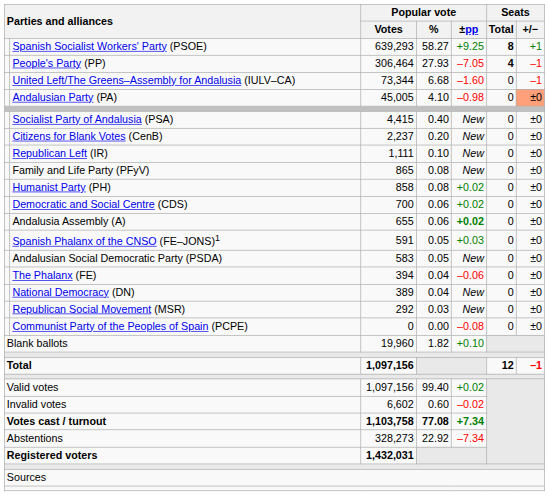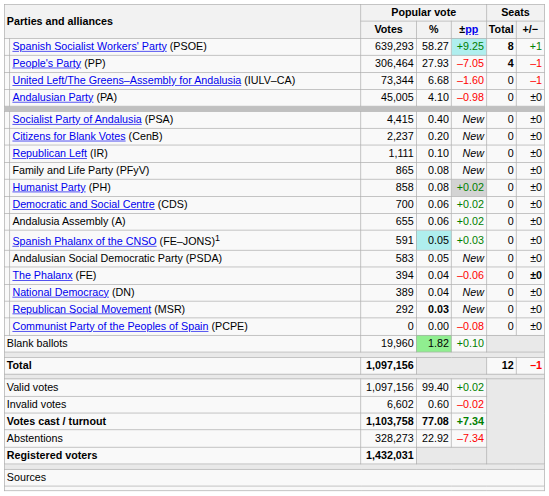 <table class="wikitable" style="text-align:right;">
 <tr>
 <th style="text-align:left;" rowspan="2" colspan="2" width="525">Parties and alliances</th>
 <th colspan="3">Popular vote</th>
 <th colspan="2">Seats</th>
 </tr>
 <tr>
 <th width="75">Votes</th>
 <th width="45">%</th>
 <th width="45">±<a href='#'>pp</a></th>
 <th width="35">Total</th>
 <th width="35">+/−</th>
 </tr>
 <tr>
 <td width="1" style="color:inherit;background:"></td>
 <td align="left"><a href='#'>Spanish Socialist Workers' Party</a> (PSOE)</td>
 <td>639,293</td>
 <td>58.27</td>
-<td style="color:green;">+9.25</td>
+<td style="background: paleturquoise; color:green;">+9.25</td>
 <td><strong>8</strong></td>
 <td style="color:green;">+1</td>
 </tr>
 <tr>
 <td style="color:inherit;background:"></td>
 <td align="left"><a href='#'>People's Party</a> (PP)</td>
 <td>306,464</td>
 <td>27.93</td>
 <td style="color:red;">–7.05</td>
 <td><strong>4</strong></td>
 <td style="color:red;">–1</td>
 </tr>
 <tr>
 <td style="color:inherit;background:"></td>
 <td align="left"><a href='#'>United Left/The Greens–Assembly for Andalusia</a> (IULV–CA)</td>
 <td>73,344</td>
 <td>6.68</td>
 <td style="color:red;">–1.60</td>
 <td>0</td>
 <td style="color:red;">–1</td>
 </tr>
 <tr>
 <td style="color:inherit;background:"></td>
 <td align="left"><a href='#'>Andalusian Party</a> (PA)</td>
 <td>45,005</td>
 <td>4.10</td>
 <td style="color:red;">–0.98</td>
 <td>0</td>
-<td style="background: lightsalmon;">±0</td>
+<td>±0</td>
 </tr>
 <tr>
 <td colspan="7" bgcolor="#C0C0C0"></td>
 </tr>
 <tr>
 <td style="color:inherit;background:"></td>
 <td align="left"><a href='#'>Socialist Party of Andalusia</a> (PSA)</td>
 <td>4,415</td>
 <td>0.40</td>
 <td><em>New</em></td>
 <td>0</td>
 <td>±0</td>
 </tr>
 <tr>
 <td style="color:inherit;background:"></td>
 <td align="left"><a href='#'>Citizens for Blank Votes</a> (CenB)</td>
 <td>2,237</td>
 <td>0.20</td>
 <td><em>New</em></td>
 <td>0</td>
 <td>±0</td>
 </tr>
 <tr>
 <td style="color:inherit;background:"></td>
 <td align="left"><a href='#'>Republican Left</a> (IR)</td>
 <td>1,111</td>
 <td>0.10</td>
 <td><em>New</em></td>
 <td>0</td>
 <td>±0</td>
 </tr>
 <tr>
 <td style="color:inherit;background:"></td>
 <td align="left">Family and Life Party (PFyV)</td>
 <td>865</td>
 <td>0.08</td>
 <td><em>New</em></td>
 <td>0</td>
 <td>±0</td>
 </tr>
 <tr>
 <td style="color:inherit;background:"></td>
 <td align="left"><a href='#'>Humanist Party</a> (PH)</td>
 <td>858</td>
 <td>0.08</td>
-<td style="color:green;">+0.02</td>
+<td style="background: lightgrey; color:green;">+0.02</td>
 <td>0</td>
 <td>±0</td>
 </tr>
 <tr>
 <td style="color:inherit;background:"></td>
 <td align="left"><a href='#'>Democratic and Social Centre</a> (CDS)</td>
 <td>700</td>
 <td>0.06</td>
 <td style="color:green;">+0.02</td>
 <td>0</td>
 <td>±0</td>
 </tr>
 <tr>
 <td style="color:inherit;background:"></td>
 <td align="left">Andalusia Assembly (A)</td>
 <td>655</td>
 <td>0.06</td>
-<td style="color:green;"><strong>+0.02</strong></td>
+<td style="color:green;">+0.02</td>
 <td>0</td>
 <td>±0</td>
 </tr>
 <tr>
 <td style="color:inherit;background:"></td>
 <td align="left"><a href='#'>Spanish Phalanx of the CNSO</a> (FE–JONS)<sup>1</sup></td>
 <td>591</td>
-<td>0.05</td>
+<td style="background: paleturquoise;">0.05</td>
 <td style="color:green;">+0.03</td>
 <td>0</td>
 <td>±0</td>
 </tr>
 <tr>
 <td style="color:inherit;background:"></td>
 <td align="left">Andalusian Social Democratic Party (PSDA)</td>
 <td>583</td>
 <td>0.05</td>
 <td><em>New</em></td>
 <td>0</td>
 <td>±0</td>
 </tr>
 <tr>
 <td style="color:inherit;background:"></td>
 <td align="left"><a href='#'>The Phalanx</a> (FE)</td>
 <td>394</td>
 <td>0.04</td>
 <td style="color:red;">–0.06</td>
 <td>0</td>
-<td>±0</td>
+<td><strong>±0</strong></td>
 </tr>
 <tr>
 <td style="color:inherit;background:"></td>
 <td align="left"><a href='#'>National Democracy</a> (DN)</td>
 <td>389</td>
 <td>0.04</td>
 <td><em>New</em></td>
 <td>0</td>
 <td>±0</td>
 </tr>
 <tr>
 <td style="color:inherit;background:"></td>
 <td align="left"><a href='#'>Republican Social Movement</a> (MSR)</td>
 <td>292</td>
-<td>0.03</td>
+<td><strong>0.03</strong></td>
 <td><em>New</em></td>
 <td>0</td>
 <td>±0</td>
 </tr>
 <tr>
 <td style="color:inherit;background:"></td>
 <td align="left"><a href='#'>Communist Party of the Peoples of Spain</a> (PCPE)</td>
 <td>0</td>
 <td>0.00</td>
 <td style="color:red;">–0.08</td>
 <td>0</td>
 <td>±0</td>
 </tr>
 <tr>
 <td align="left" colspan="2">Blank ballots</td>
 <td>19,960</td>
-<td>1.82</td>
+<td style="background: lightgreen;">1.82</td>
 <td style="color:green;">+0.10</td>
 <td bgcolor="#E9E9E9" colspan="2"></td>
 </tr>
 <tr>
 <td colspan="7" bgcolor="#E9E9E9"></td>
 </tr>
 <tr style="font-weight:bold;">
 <td align="left" colspan="2">Total</td>
 <td>1,097,156</td>
 <td bgcolor="#E9E9E9" colspan="2"></td>
 <td>12</td>
 <td style="color:red;">–1</td>
 </tr>
 <tr>
 <td colspan="7" bgcolor="#E9E9E9"></td>
 </tr>
 <tr>
 <td align="left" colspan="2">Valid votes</td>
 <td>1,097,156</td>
 <td>99.40</td>
 <td style="color:green;">+0.02</td>
 <td bgcolor="#E9E9E9" colspan="2" rowspan="5"></td>
 </tr>
 <tr>
 <td align="left" colspan="2">Invalid votes</td>
 <td>6,602</td>
 <td>0.60</td>
 <td style="color:red;">–0.02</td>
 </tr>
 <tr style="font-weight:bold;">
 <td align="left" colspan="2">Votes cast / turnout</td>
 <td>1,103,758</td>
 <td>77.08</td>
 <td style="color:green;">+7.34</td>
 </tr>
 <tr>
 <td align="left" colspan="2">Abstentions</td>
 <td>328,273</td>
 <td>22.92</td>
 <td style="color:red;">–7.34</td>
 </tr>
 <tr style="font-weight:bold;">
 <td align="left" colspan="2">Registered voters</td>
 <td>1,432,031</td>
 <td bgcolor="#E9E9E9" colspan="2"></td>
 </tr>
 <tr>
 <td colspan="7" bgcolor="#E9E9E9"></td>
 </tr>
 <tr>
 <td align="left" colspan="7">Sources</td>
 </tr>
 <tr>
 <td colspan="7" style="text-align:left; max-width:790px;"></td>
 </tr>
 </table>
